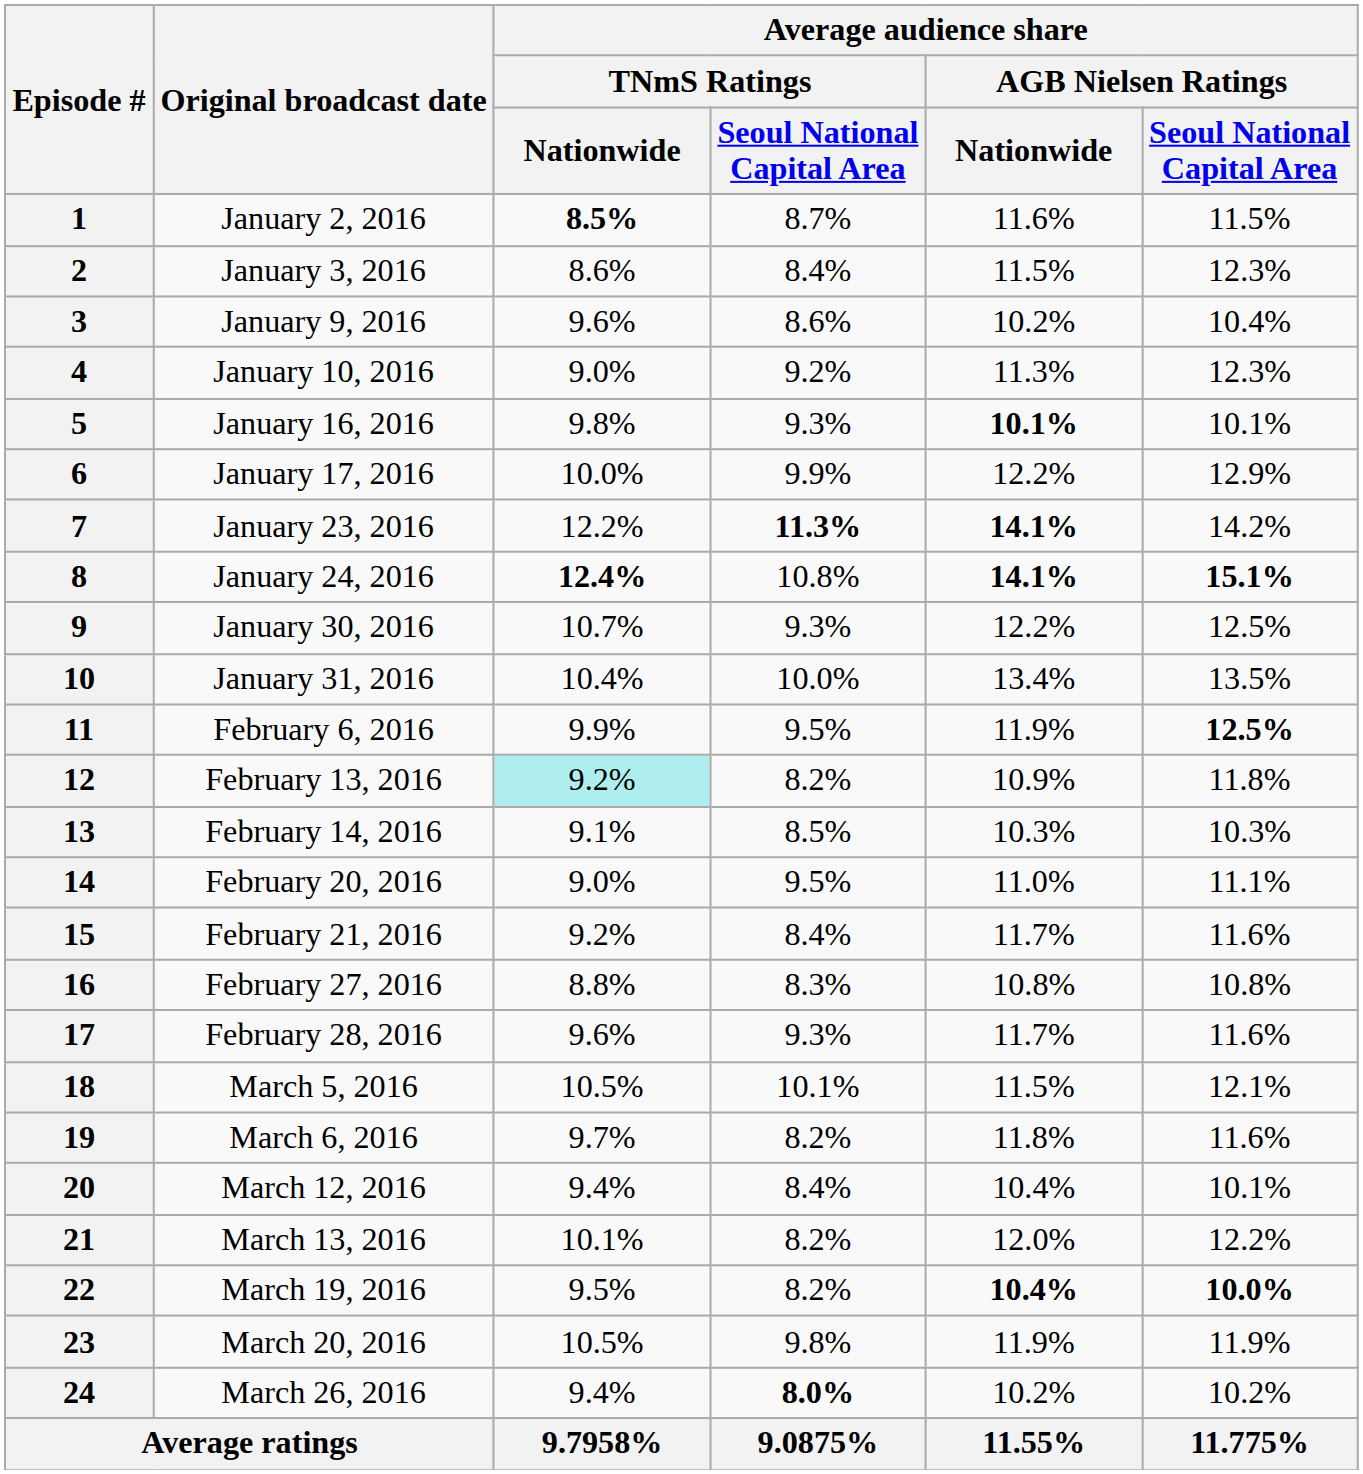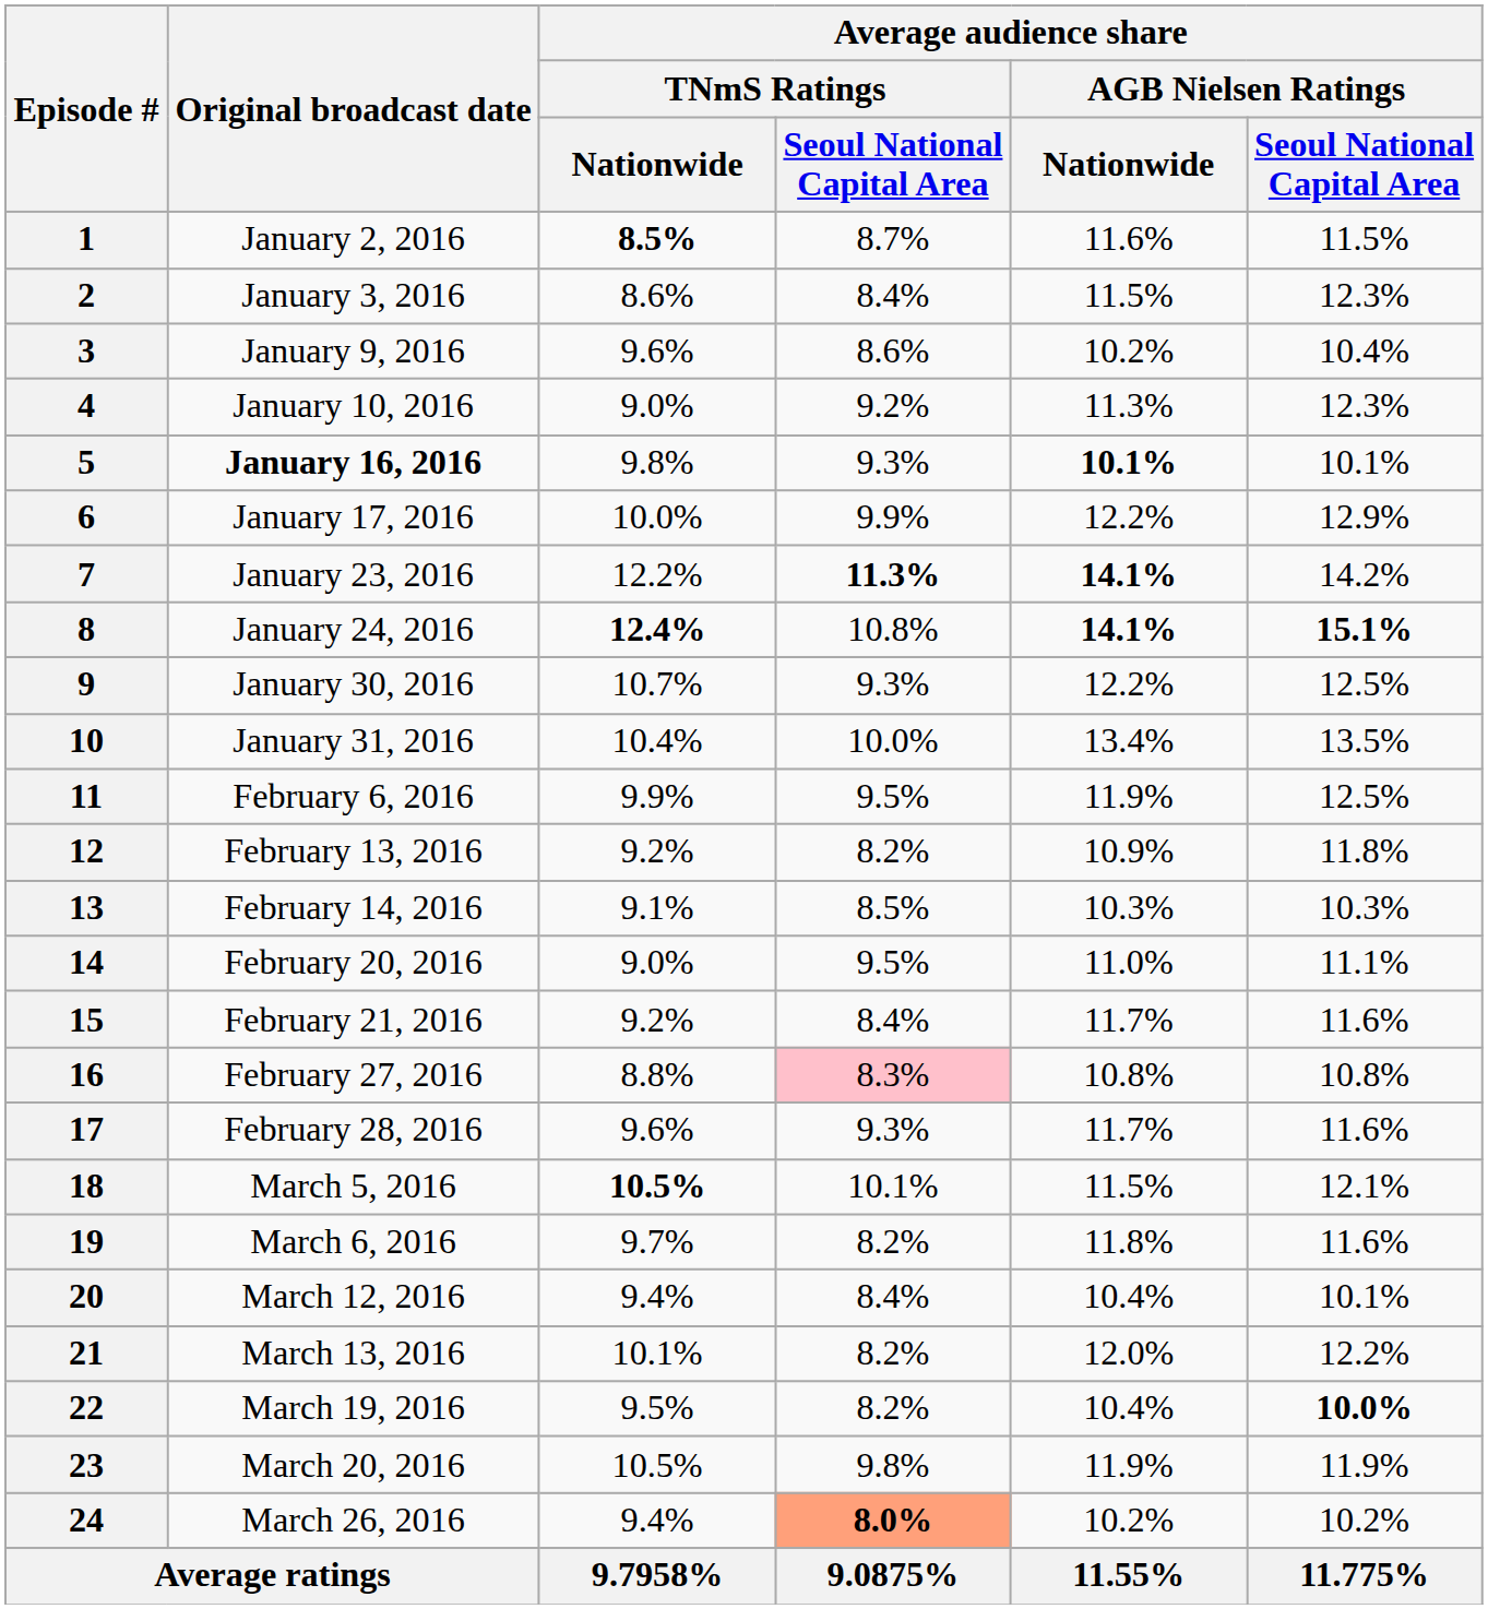 <table class=wikitable style="text-align:center">
 <tr>
 <th rowspan="3">Episode #</th>
 <th rowspan="3">Original broadcast date</th>
 <th colspan="4">Average audience share</th>
 </tr>
 <tr>
 <th colspan="2">TNmS Ratings</th>
 <th colspan="2">AGB Nielsen Ratings</th>
 </tr>
 <tr>
 <th width=100>Nationwide</th>
 <th width=100><a href='#'>Seoul National Capital Area</a></th>
 <th width=100>Nationwide</th>
 <th width=100><a href='#'>Seoul National Capital Area</a></th>
 </tr>
 <tr>
 <th>1</th>
 <td>January 2, 2016</td>
 <td><span><strong>8.5%</strong></span></td>
 <td>8.7%</td>
 <td>11.6%</td>
 <td>11.5%</td>
 </tr>
 <tr>
 <th>2</th>
 <td>January 3, 2016</td>
 <td>8.6%</td>
 <td>8.4%</td>
 <td>11.5%</td>
 <td>12.3%</td>
 </tr>
 <tr>
 <th>3</th>
 <td>January 9, 2016</td>
 <td>9.6%</td>
 <td>8.6%</td>
 <td>10.2%</td>
 <td>10.4%</td>
 </tr>
 <tr>
 <th>4</th>
 <td>January 10, 2016</td>
 <td>9.0%</td>
 <td>9.2%</td>
 <td>11.3%</td>
 <td>12.3%</td>
 </tr>
 <tr>
 <th>5</th>
-<td>January 16, 2016</td>
+<td><strong>January 16, 2016</strong></td>
 <td>9.8%</td>
 <td>9.3%</td>
 <td><span><strong>10.1%</strong></span></td>
 <td>10.1%</td>
 </tr>
 <tr>
 <th>6</th>
 <td>January 17, 2016</td>
 <td>10.0%</td>
 <td>9.9%</td>
 <td>12.2%</td>
 <td>12.9%</td>
 </tr>
 <tr>
 <th>7</th>
 <td>January 23, 2016</td>
 <td>12.2%</td>
 <td><span><strong>11.3%</strong></span></td>
 <td><span><strong>14.1%</strong></span></td>
 <td>14.2%</td>
 </tr>
 <tr>
 <th>8</th>
 <td>January 24, 2016</td>
 <td><span><strong>12.4%</strong></span></td>
 <td>10.8%</td>
 <td><span><strong>14.1%</strong></span></td>
 <td><span><strong>15.1%</strong></span></td>
 </tr>
 <tr>
 <th>9</th>
 <td>January 30, 2016</td>
 <td>10.7%</td>
 <td>9.3%</td>
 <td>12.2%</td>
 <td>12.5%</td>
 </tr>
 <tr>
 <th>10</th>
 <td>January 31, 2016</td>
 <td>10.4%</td>
 <td>10.0%</td>
 <td>13.4%</td>
 <td>13.5%</td>
 </tr>
 <tr>
 <th>11</th>
 <td>February 6, 2016</td>
 <td>9.9%</td>
 <td>9.5%</td>
 <td>11.9%</td>
-<td><strong>12.5%</strong></td>
+<td>12.5%</td>
 </tr>
 <tr>
 <th>12</th>
 <td>February 13, 2016</td>
-<td style="background: paleturquoise;">9.2%</td>
+<td>9.2%</td>
 <td>8.2%</td>
 <td>10.9%</td>
 <td>11.8%</td>
 </tr>
 <tr>
 <th>13</th>
 <td>February 14, 2016</td>
 <td>9.1%</td>
 <td>8.5%</td>
 <td>10.3%</td>
 <td>10.3%</td>
 </tr>
 <tr>
 <th>14</th>
 <td>February 20, 2016</td>
 <td>9.0%</td>
 <td>9.5%</td>
 <td>11.0%</td>
 <td>11.1%</td>
 </tr>
 <tr>
 <th>15</th>
 <td>February 21, 2016</td>
 <td>9.2%</td>
 <td>8.4%</td>
 <td>11.7%</td>
 <td>11.6%</td>
 </tr>
 <tr>
 <th>16</th>
 <td>February 27, 2016</td>
 <td>8.8%</td>
-<td>8.3%</td>
+<td style="background: pink;">8.3%</td>
 <td>10.8%</td>
 <td>10.8%</td>
 </tr>
 <tr>
 <th>17</th>
 <td>February 28, 2016</td>
 <td>9.6%</td>
 <td>9.3%</td>
 <td>11.7%</td>
 <td>11.6%</td>
 </tr>
 <tr>
 <th>18</th>
 <td>March 5, 2016</td>
-<td>10.5%</td>
+<td><strong>10.5%</strong></td>
 <td>10.1%</td>
 <td>11.5%</td>
 <td>12.1%</td>
 </tr>
 <tr>
 <th>19</th>
 <td>March 6, 2016</td>
 <td>9.7%</td>
 <td>8.2%</td>
 <td>11.8%</td>
 <td>11.6%</td>
 </tr>
 <tr>
 <th>20</th>
 <td>March 12, 2016</td>
 <td>9.4%</td>
 <td>8.4%</td>
 <td>10.4%</td>
 <td>10.1%</td>
 </tr>
 <tr>
 <th>21</th>
 <td>March 13, 2016</td>
 <td>10.1%</td>
 <td>8.2%</td>
 <td>12.0%</td>
 <td>12.2%</td>
 </tr>
 <tr>
 <th>22</th>
 <td>March 19, 2016</td>
 <td>9.5%</td>
 <td>8.2%</td>
-<td><strong>10.4%</strong></td>
+<td>10.4%</td>
 <td><span><strong>10.0%</strong></span></td>
 </tr>
 <tr>
 <th>23</th>
 <td>March 20, 2016</td>
 <td>10.5%</td>
 <td>9.8%</td>
 <td>11.9%</td>
 <td>11.9%</td>
 </tr>
 <tr>
 <th>24</th>
 <td>March 26, 2016</td>
 <td>9.4%</td>
-<td><span><strong>8.0%</strong></span></td>
+<td style="background: lightsalmon;"><span><strong>8.0%</strong></span></td>
 <td>10.2%</td>
 <td>10.2%</td>
 </tr>
 <tr>
 <th colspan=2>Average ratings</th>
 <th><span><strong>9.7958%</strong></span></th>
 <th><span><strong>9.0875%</strong></span></th>
 <th><span><strong>11.55%</strong></span></th>
 <th><span><strong>11.775%</strong></span></th>
 </tr>
 </table>
